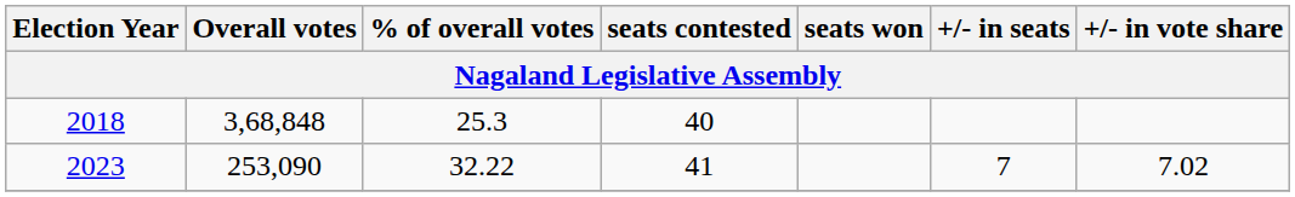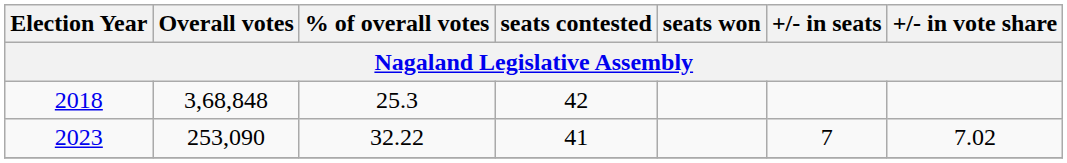 <table class="wikitable" style="text-align:center">
 <tr>
 <th Style="background-color:">Election Year</th>
 <th Style="background-color:">Overall votes</th>
 <th Style="background-color:">% of overall votes</th>
 <th Style="background-color:">seats contested</th>
 <th Style="background-color:">seats won</th>
 <th Style="background-color:">+/- in seats</th>
 <th Style="background-color:">+/- in vote share</th>
 </tr>
 <tr>
 <th colspan=7><a href='#'>Nagaland Legislative Assembly</a></th>
 </tr>
 <tr>
 <td><a href='#'>2018</a><br></td>
 <td>3,68,848</td>
 <td>25.3</td>
-<td>40</td>
+<td>42</td>
 <td></td>
 <td></td>
 <td></td>
 </tr>
 <tr>
 <td><a href='#'>2023</a></td>
 <td>253,090</td>
 <td>32.22</td>
 <td>41</td>
 <td></td>
 <td> 7</td>
 <td> 7.02</td>
 </tr>
 <tr>
 </tr>
 </table>
